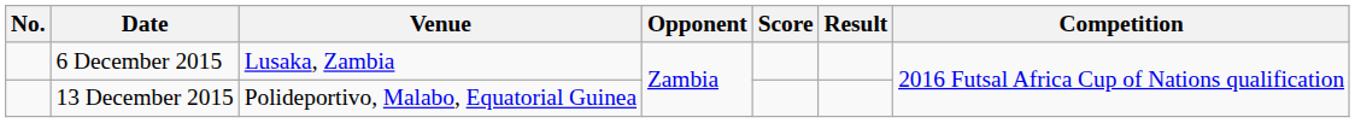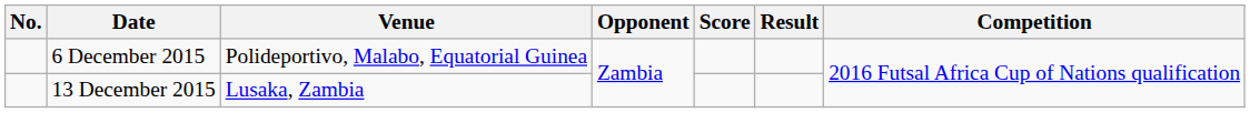 <table class="wikitable">
 <tr>
 <th>No.</th>
 <th>Date</th>
 <th>Venue</th>
 <th>Opponent</th>
 <th>Score</th>
 <th>Result</th>
 <th>Competition</th>
 </tr>
 <tr>
 <td></td>
 <td>6 December 2015</td>
-<td><a href='#'>Lusaka</a>, <a href='#'>Zambia</a></td>
+<td>Polideportivo, <a href='#'>Malabo</a>, <a href='#'>Equatorial Guinea</a></td>
 <td rowspan=2> <a href='#'>Zambia</a></td>
 <td></td>
 <td></td>
 <td rowspan=2><a href='#'>2016 Futsal Africa Cup of Nations qualification</a></td>
 </tr>
 <tr>
 <td></td>
 <td>13 December 2015</td>
-<td>Polideportivo, <a href='#'>Malabo</a>, <a href='#'>Equatorial Guinea</a></td>
+<td><a href='#'>Lusaka</a>, <a href='#'>Zambia</a></td>
 <td></td>
 <td></td>
 </tr>
 </table>
